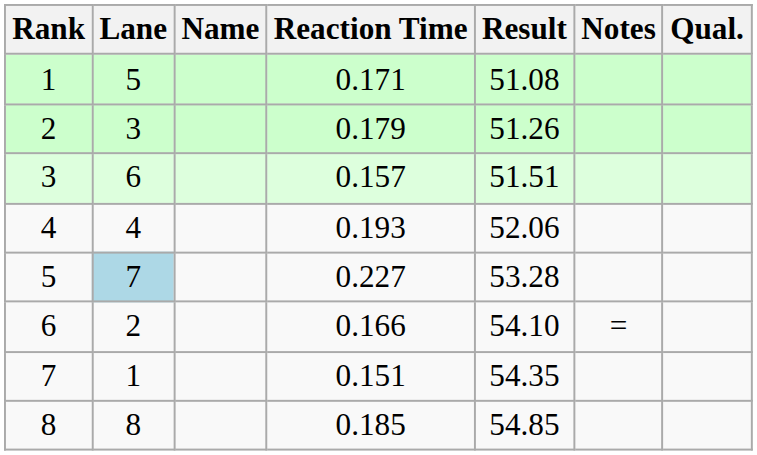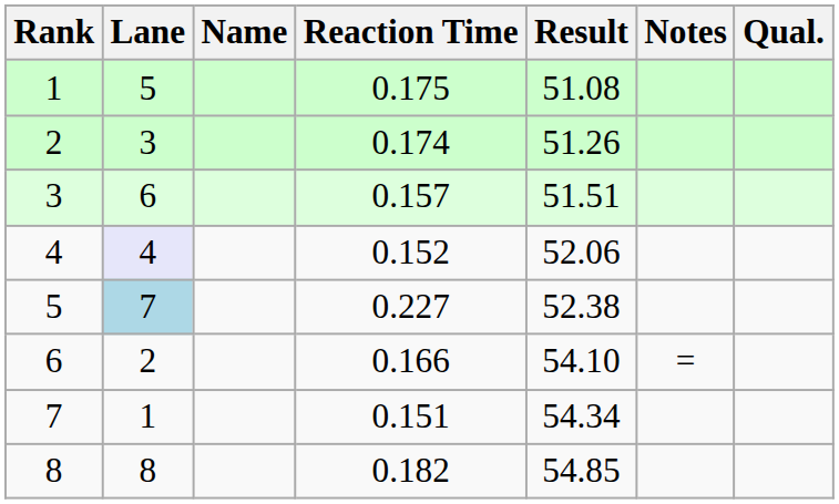 <table class="wikitable sortable" style="text-align:center">
 <tr>
 <th>Rank</th>
 <th>Lane</th>
 <th>Name</th>
 <th>Reaction Time</th>
 <th>Result</th>
 <th>Notes</th>
 <th>Qual.</th>
 </tr>
 <tr bgcolor=ccffcc>
 <td>1</td>
 <td>5</td>
 <td align="left"></td>
-<td>0.171</td>
+<td>0.175</td>
 <td>51.08</td>
 <td></td>
 <td></td>
 </tr>
 <tr bgcolor=ccffcc>
 <td>2</td>
 <td>3</td>
 <td align="left"></td>
-<td>0.179</td>
+<td>0.174</td>
 <td>51.26</td>
 <td></td>
 <td></td>
 </tr>
 <tr bgcolor=ddffdd>
 <td>3</td>
 <td>6</td>
 <td align="left"></td>
 <td>0.157</td>
 <td>51.51</td>
 <td></td>
 <td></td>
 </tr>
 <tr>
 <td>4</td>
-<td>4</td>
+<td style="background: lavender;">4</td>
 <td align="left"></td>
-<td>0.193</td>
+<td>0.152</td>
 <td>52.06</td>
 <td></td>
 <td></td>
 </tr>
 <tr>
 <td>5</td>
 <td style="background: lightblue;">7</td>
 <td align="left"></td>
 <td>0.227</td>
-<td>53.28</td>
+<td>52.38</td>
 <td></td>
 <td></td>
 </tr>
 <tr>
 <td>6</td>
 <td>2</td>
 <td align="left"></td>
 <td>0.166</td>
 <td>54.10</td>
 <td>=</td>
 <td></td>
 </tr>
 <tr>
 <td>7</td>
 <td>1</td>
 <td align="left"></td>
 <td>0.151</td>
-<td>54.35</td>
+<td>54.34</td>
 <td></td>
 <td></td>
 </tr>
 <tr>
 <td>8</td>
 <td>8</td>
 <td align="left"></td>
-<td>0.185</td>
+<td>0.182</td>
 <td>54.85</td>
 <td></td>
 <td></td>
 </tr>
 </table>
